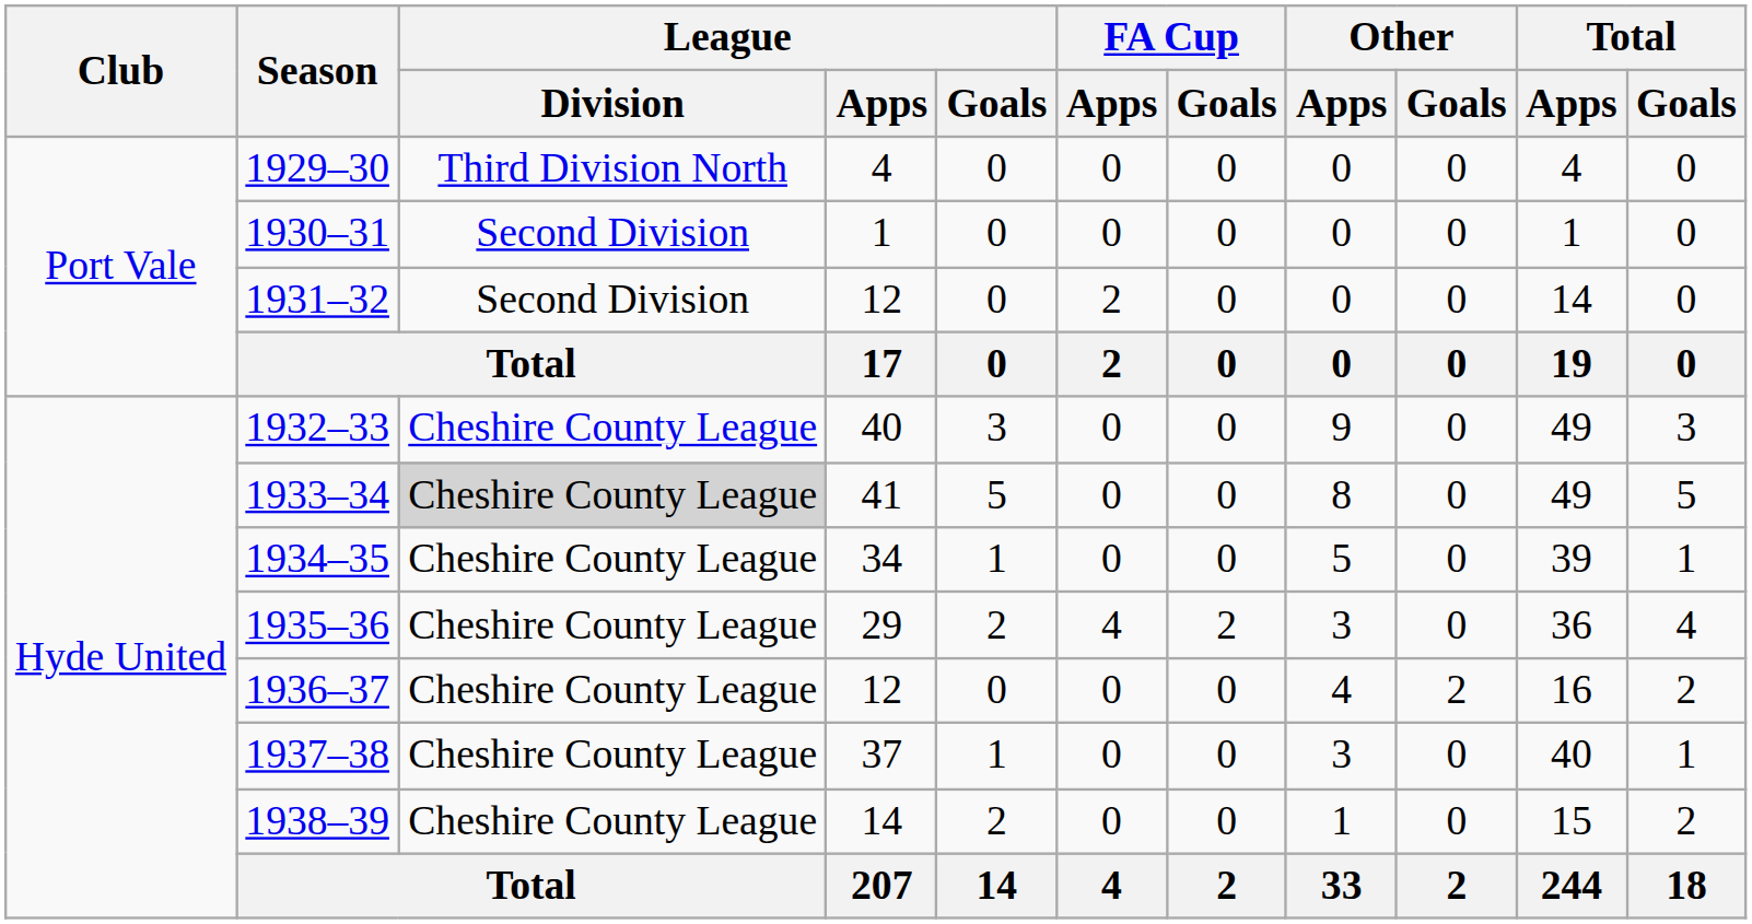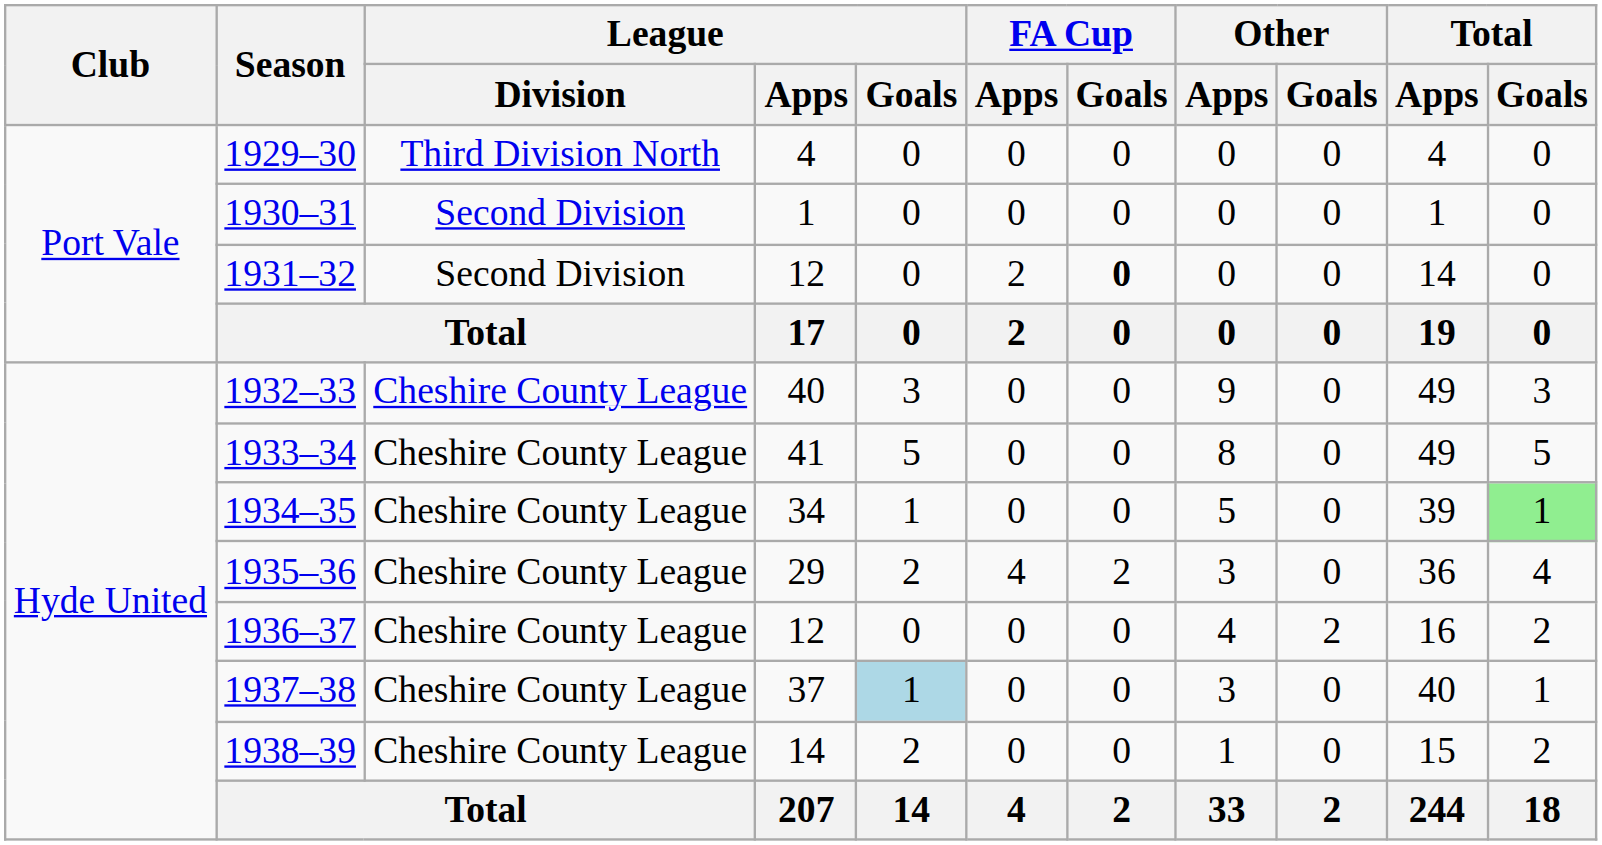 <table class="wikitable" style="text-align:center">
 <tr>
 <th rowspan="2">Club</th>
 <th rowspan="2">Season</th>
 <th colspan="3">League</th>
 <th colspan="2"><a href='#'>FA Cup</a></th>
 <th colspan="2">Other</th>
 <th colspan="2">Total</th>
 </tr>
 <tr>
 <th>Division</th>
 <th>Apps</th>
 <th>Goals</th>
 <th>Apps</th>
 <th>Goals</th>
 <th>Apps</th>
 <th>Goals</th>
 <th>Apps</th>
 <th>Goals</th>
 </tr>
 <tr>
 <td rowspan="4"><a href='#'>Port Vale</a></td>
 <td><a href='#'>1929–30</a></td>
 <td><a href='#'>Third Division North</a></td>
 <td>4</td>
 <td>0</td>
 <td>0</td>
 <td>0</td>
 <td>0</td>
 <td>0</td>
 <td>4</td>
 <td>0</td>
 </tr>
 <tr>
 <td><a href='#'>1930–31</a></td>
 <td><a href='#'>Second Division</a></td>
 <td>1</td>
 <td>0</td>
 <td>0</td>
 <td>0</td>
 <td>0</td>
 <td>0</td>
 <td>1</td>
 <td>0</td>
 </tr>
 <tr>
 <td><a href='#'>1931–32</a></td>
 <td>Second Division</td>
 <td>12</td>
 <td>0</td>
 <td>2</td>
-<td>0</td>
+<td><strong>0</strong></td>
 <td>0</td>
 <td>0</td>
 <td>14</td>
 <td>0</td>
 </tr>
 <tr>
 <th colspan="2">Total</th>
 <th>17</th>
 <th>0</th>
 <th>2</th>
 <th>0</th>
 <th>0</th>
 <th>0</th>
 <th>19</th>
 <th>0</th>
 </tr>
 <tr>
 <td rowspan="8"><a href='#'>Hyde United</a></td>
 <td><a href='#'>1932–33</a></td>
 <td><a href='#'>Cheshire County League</a></td>
 <td>40</td>
 <td>3</td>
 <td>0</td>
 <td>0</td>
 <td>9</td>
 <td>0</td>
 <td>49</td>
 <td>3</td>
 </tr>
 <tr>
 <td><a href='#'>1933–34</a></td>
-<td style="background: lightgrey;">Cheshire County League</td>
+<td>Cheshire County League</td>
 <td>41</td>
 <td>5</td>
 <td>0</td>
 <td>0</td>
 <td>8</td>
 <td>0</td>
 <td>49</td>
 <td>5</td>
 </tr>
 <tr>
 <td><a href='#'>1934–35</a></td>
 <td>Cheshire County League</td>
 <td>34</td>
 <td>1</td>
 <td>0</td>
 <td>0</td>
 <td>5</td>
 <td>0</td>
 <td>39</td>
-<td>1</td>
+<td style="background: lightgreen;">1</td>
 </tr>
 <tr>
 <td><a href='#'>1935–36</a></td>
 <td>Cheshire County League</td>
 <td>29</td>
 <td>2</td>
 <td>4</td>
 <td>2</td>
 <td>3</td>
 <td>0</td>
 <td>36</td>
 <td>4</td>
 </tr>
 <tr>
 <td><a href='#'>1936–37</a></td>
 <td>Cheshire County League</td>
 <td>12</td>
 <td>0</td>
 <td>0</td>
 <td>0</td>
 <td>4</td>
 <td>2</td>
 <td>16</td>
 <td>2</td>
 </tr>
 <tr>
 <td><a href='#'>1937–38</a></td>
 <td>Cheshire County League</td>
 <td>37</td>
-<td>1</td>
+<td style="background: lightblue;">1</td>
 <td>0</td>
 <td>0</td>
 <td>3</td>
 <td>0</td>
 <td>40</td>
 <td>1</td>
 </tr>
 <tr>
 <td><a href='#'>1938–39</a></td>
 <td>Cheshire County League</td>
 <td>14</td>
 <td>2</td>
 <td>0</td>
 <td>0</td>
 <td>1</td>
 <td>0</td>
 <td>15</td>
 <td>2</td>
 </tr>
 <tr>
 <th colspan="2">Total</th>
 <th>207</th>
 <th>14</th>
 <th>4</th>
 <th>2</th>
 <th>33</th>
 <th>2</th>
 <th>244</th>
 <th>18</th>
 </tr>
 </table>
